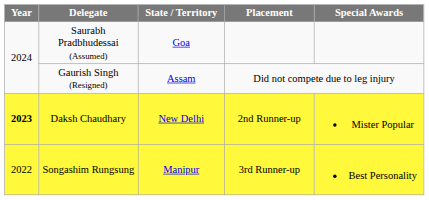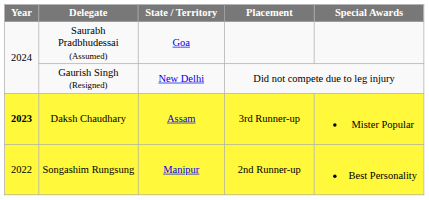 <table class="wikitable sortable" style="font-size: 95%; text-align:center">
 <tr>
 <th width="70" style="background-color:#787878;color:#FFFFFF;">Year</th>
 <th width="250" style="background-color:#787878;color:#FFFFFF;">Delegate</th>
 <th width="250" style="background-color:#787878;color:#FFFFFF;">State / Territory</th>
 <th width="250" style="background-color:#787878;color:#FFFFFF;">Placement</th>
 <th width="250" style="background-color:#787878;color:#FFFFFF;">Special Awards</th>
 </tr>
 <tr>
 <td rowspan=2> 2024</td>
 <td>Saurabh Pradbhudessai <small>(Assumed)</small></td>
 <td><a href='#'>Goa</a></td>
 <td></td>
 <td></td>
 </tr>
 <tr>
 <td>Gaurish Singh <small>(Resigned)</small></td>
-<td><a href='#'>Assam</a></td>
+<td><a href='#'>New Delhi</a></td>
 <td colspan=2>Did not compete due to leg injury</td>
 </tr>
 <tr style="background:#FFF83B;">
 <td><strong> 2023</strong></td>
 <td>Daksh Chaudhary</td>
-<td><a href='#'>New Delhi</a></td>
-<td>2nd Runner-up</td>
+<td><a href='#'>Assam</a></td>
+<td>3rd Runner-up</td>
 <td><br><ul><li>Mister Popular</li></ul></td>
 </tr>
 <tr style="background:#FFF83B;">
 <td> 2022</td>
 <td>Songashim Rungsung</td>
 <td><a href='#'>Manipur</a></td>
-<td>3rd Runner-up</td>
+<td>2nd Runner-up</td>
 <td><br><ul><li>Best Personality</li></ul></td>
 </tr>
 </table>
